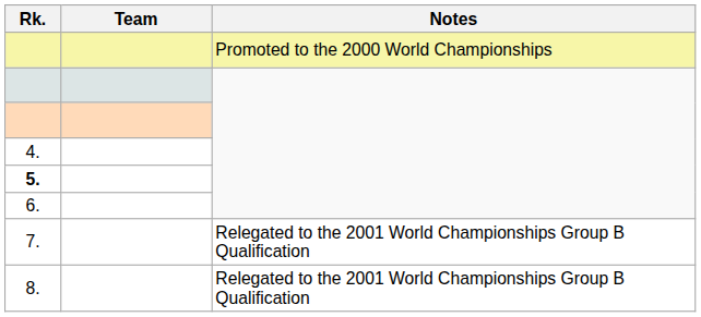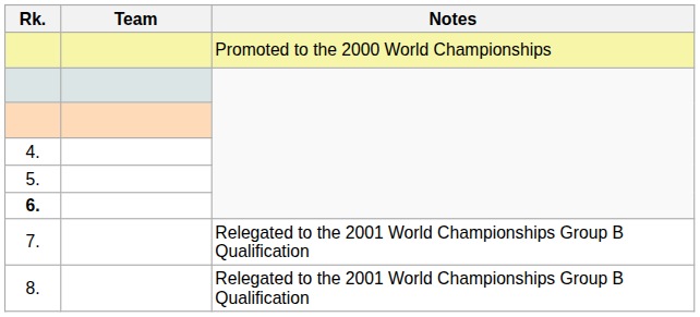 <table class="wikitable" style="border:1px solid #AAAAAA;font-size:90%">
 <tr bgcolor="#E4E4E4">
 <th style="border-bottom:1px solid #AAAAAA" width=40>Rk.</th>
 <th style="border-bottom:1px solid #AAAAAA" width=120>Team</th>
 <th style="border-bottom:1px solid #AAAAAA" width=400>Notes</th>
 </tr>
 <tr bgcolor="#F7F6A8">
 <td align="center" style="height:23px"></td>
 <td><strong></strong></td>
 <td>Promoted to the 2000 World Championships</td>
 </tr>
 <tr bgcolor="#DCE5E5">
 <td align="center" style="height:23px"></td>
 <td></td>
 </tr>
 <tr bgcolor="#FFDAB9">
 <td align="center" style="height:23px"></td>
 <td></td>
 </tr>
 <tr style="background:#ffffff;">
 <td align="center">4.</td>
 <td></td>
 </tr>
 <tr style="background:#ffffff;">
-<td align="center"><strong>5.</strong></td>
+<td align="center">5.</td>
 <td></td>
 </tr>
 <tr style="background:#ffffff;">
-<td align="center">6.</td>
+<td align="center"><strong>6.</strong></td>
 <td></td>
 </tr>
 <tr style="background:#ffffff;">
 <td align="center">7.</td>
 <td></td>
 <td>Relegated to the 2001 World Championships Group B Qualification</td>
 </tr>
 <tr style="background:#ffffff;">
 <td align="center">8.</td>
 <td></td>
 <td>Relegated to the 2001 World Championships Group B Qualification</td>
 </tr>
 </table>
